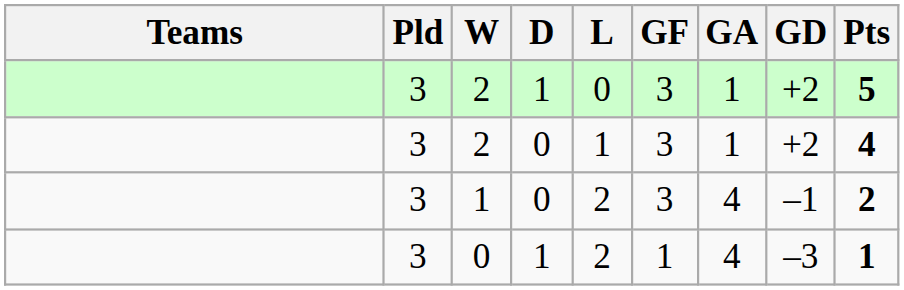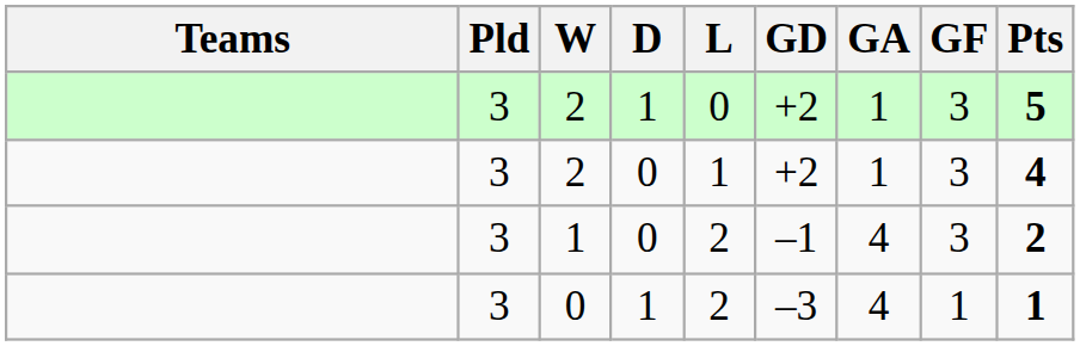 <table class="wikitable" style="text-align: center;">
 <tr>
 <th width=165>Teams</th>
 <th width=20>Pld</th>
 <th width=20>W</th>
 <th width=20>D</th>
 <th width=20>L</th>
+<th width=20>GD</th>
+<th width=20>GA</th>
 <th width=20>GF</th>
-<th width=20>GA</th>
-<th width=20>GD</th>
 <th width=20>Pts</th>
 </tr>
 <tr align=center style="background:#ccffcc;">
 <td style="text-align:left;"></td>
 <td>3</td>
 <td>2</td>
 <td>1</td>
 <td>0</td>
+<td>+2</td>
+<td>1</td>
 <td>3</td>
-<td>1</td>
-<td>+2</td>
 <td><strong>5</strong></td>
 </tr>
 <tr align=center>
 <td style="text-align:left;"></td>
 <td>3</td>
 <td>2</td>
 <td>0</td>
 <td>1</td>
+<td>+2</td>
+<td>1</td>
 <td>3</td>
-<td>1</td>
-<td>+2</td>
 <td><strong>4</strong></td>
 </tr>
 <tr align=center>
 <td style="text-align:left;"></td>
 <td>3</td>
 <td>1</td>
 <td>0</td>
 <td>2</td>
+<td>–1</td>
+<td>4</td>
 <td>3</td>
-<td>4</td>
-<td>–1</td>
 <td><strong>2</strong></td>
 </tr>
 <tr align=center>
 <td style="text-align:left;"></td>
 <td>3</td>
 <td>0</td>
 <td>1</td>
 <td>2</td>
+<td>–3</td>
+<td>4</td>
 <td>1</td>
-<td>4</td>
-<td>–3</td>
 <td><strong>1</strong></td>
 </tr>
 </table>
